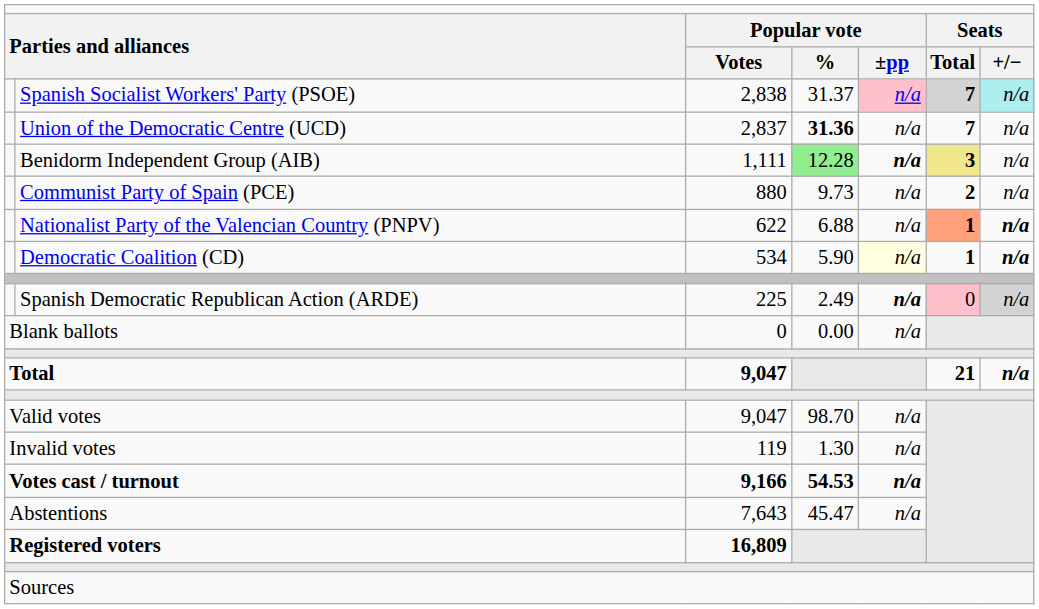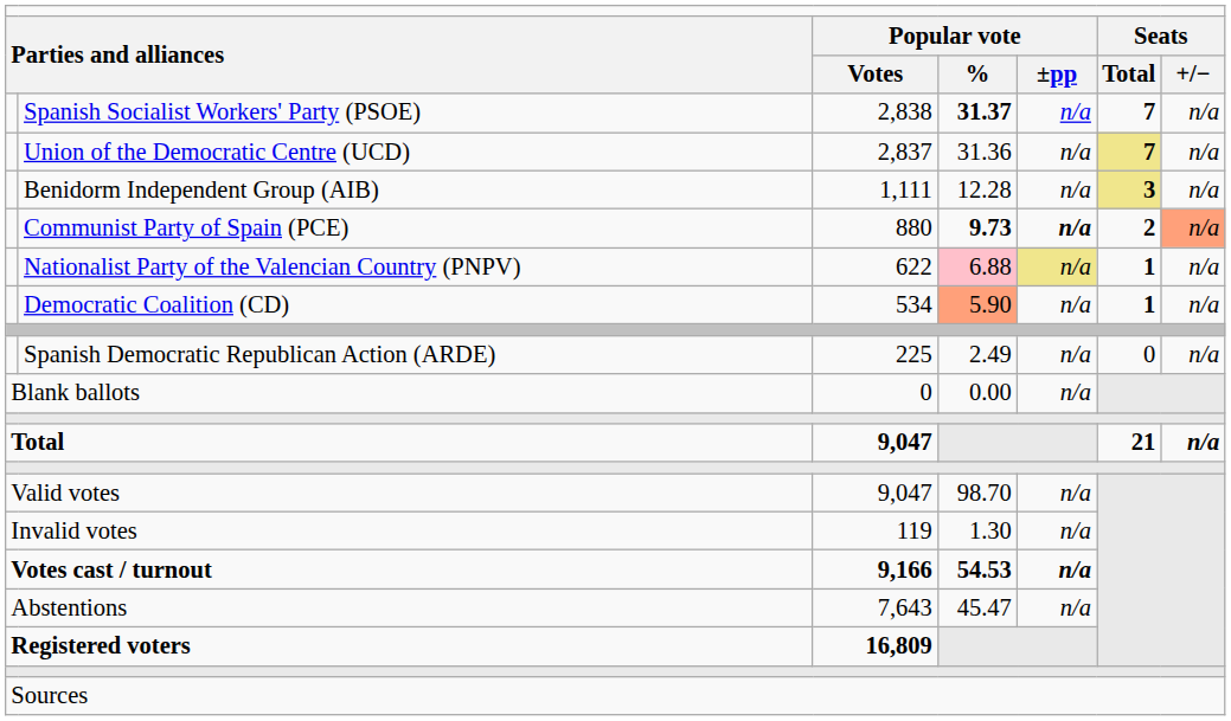 <table class="wikitable" style="text-align:right;">
 <tr>
 <td colspan="7"></td>
 </tr>
 <tr>
 <th style="text-align:left;" rowspan="2" colspan="2" width="525">Parties and alliances</th>
 <th colspan="3">Popular vote</th>
 <th colspan="2">Seats</th>
 </tr>
 <tr>
 <th width="75">Votes</th>
 <th width="45">%</th>
 <th width="45">±<a href='#'>pp</a></th>
 <th width="35">Total</th>
 <th width="35">+/−</th>
 </tr>
 <tr>
 <td width="1" style="color:inherit;background:"></td>
 <td align="left"><a href='#'>Spanish Socialist Workers' Party</a> (PSOE)</td>
 <td>2,838</td>
-<td>31.37</td>
-<td style="background: pink;"><em><a href='#'>n/a</a></em></td>
-<td style="background: lightgrey;"><strong>7</strong></td>
-<td style="background: paleturquoise;"><em>n/a</em></td>
+<td><strong>31.37</strong></td>
+<td><em><a href='#'>n/a</a></em></td>
+<td><strong>7</strong></td>
+<td><em>n/a</em></td>
 </tr>
 <tr>
 <td style="color:inherit;background:"></td>
 <td align="left"><a href='#'>Union of the Democratic Centre</a> (UCD)</td>
 <td>2,837</td>
-<td><strong>31.36</strong></td>
+<td>31.36</td>
 <td><em>n/a</em></td>
-<td><strong>7</strong></td>
+<td style="background: khaki;"><strong>7</strong></td>
 <td><em>n/a</em></td>
 </tr>
 <tr>
 <td style="color:inherit;background:"></td>
 <td align="left">Benidorm Independent Group (AIB)</td>
 <td>1,111</td>
-<td style="background: lightgreen;">12.28</td>
-<td><strong><em>n/a</em></strong></td>
+<td>12.28</td>
+<td><em>n/a</em></td>
 <td style="background: khaki;"><strong>3</strong></td>
 <td><em>n/a</em></td>
 </tr>
 <tr>
 <td style="color:inherit;background:"></td>
 <td align="left"><a href='#'>Communist Party of Spain</a> (PCE)</td>
 <td>880</td>
-<td>9.73</td>
-<td><em>n/a</em></td>
+<td><strong>9.73</strong></td>
+<td><strong><em>n/a</em></strong></td>
 <td><strong>2</strong></td>
-<td><em>n/a</em></td>
+<td style="background: lightsalmon;"><em>n/a</em></td>
 </tr>
 <tr>
 <td style="color:inherit;background:"></td>
 <td align="left"><a href='#'>Nationalist Party of the Valencian Country</a> (PNPV)</td>
 <td>622</td>
-<td>6.88</td>
+<td style="background: pink;">6.88</td>
+<td style="background: khaki;"><em>n/a</em></td>
+<td><strong>1</strong></td>
 <td><em>n/a</em></td>
-<td style="background: lightsalmon;"><strong>1</strong></td>
-<td><strong><em>n/a</em></strong></td>
 </tr>
 <tr>
 <td style="color:inherit;background:"></td>
 <td align="left"><a href='#'>Democratic Coalition</a> (CD)</td>
 <td>534</td>
-<td>5.90</td>
-<td style="background: lightyellow;"><em>n/a</em></td>
+<td style="background: lightsalmon;">5.90</td>
+<td><em>n/a</em></td>
 <td><strong>1</strong></td>
-<td><strong><em>n/a</em></strong></td>
+<td><em>n/a</em></td>
 </tr>
 <tr>
 <td colspan="7" bgcolor="#C0C0C0"></td>
 </tr>
 <tr>
 <td style="color:inherit;background:"></td>
 <td align="left">Spanish Democratic Republican Action (ARDE)</td>
 <td>225</td>
 <td>2.49</td>
-<td><strong><em>n/a</em></strong></td>
-<td style="background: pink;">0</td>
-<td style="background: lightgrey;"><em>n/a</em></td>
+<td><em>n/a</em></td>
+<td>0</td>
+<td><em>n/a</em></td>
 </tr>
 <tr>
 <td align="left" colspan="2">Blank ballots</td>
 <td>0</td>
 <td>0.00</td>
 <td><em>n/a</em></td>
 <td bgcolor="#E9E9E9" colspan="2"></td>
 </tr>
 <tr>
 <td colspan="7" bgcolor="#E9E9E9"></td>
 </tr>
 <tr style="font-weight:bold;">
 <td align="left" colspan="2">Total</td>
 <td>9,047</td>
 <td bgcolor="#E9E9E9" colspan="2"></td>
 <td>21</td>
 <td><em>n/a</em></td>
 </tr>
 <tr>
 <td colspan="7" bgcolor="#E9E9E9"></td>
 </tr>
 <tr>
 <td align="left" colspan="2">Valid votes</td>
 <td>9,047</td>
 <td>98.70</td>
 <td><em>n/a</em></td>
 <td bgcolor="#E9E9E9" colspan="2" rowspan="5"></td>
 </tr>
 <tr>
 <td align="left" colspan="2">Invalid votes</td>
 <td>119</td>
 <td>1.30</td>
 <td><em>n/a</em></td>
 </tr>
 <tr style="font-weight:bold;">
 <td align="left" colspan="2">Votes cast / turnout</td>
 <td>9,166</td>
 <td>54.53</td>
 <td><em>n/a</em></td>
 </tr>
 <tr>
 <td align="left" colspan="2">Abstentions</td>
 <td>7,643</td>
 <td>45.47</td>
 <td><em>n/a</em></td>
 </tr>
 <tr style="font-weight:bold;">
 <td align="left" colspan="2">Registered voters</td>
 <td>16,809</td>
 <td bgcolor="#E9E9E9" colspan="2"></td>
 </tr>
 <tr>
 <td colspan="7" bgcolor="#E9E9E9"></td>
 </tr>
 <tr>
 <td align="left" colspan="7">Sources</td>
 </tr>
 </table>
